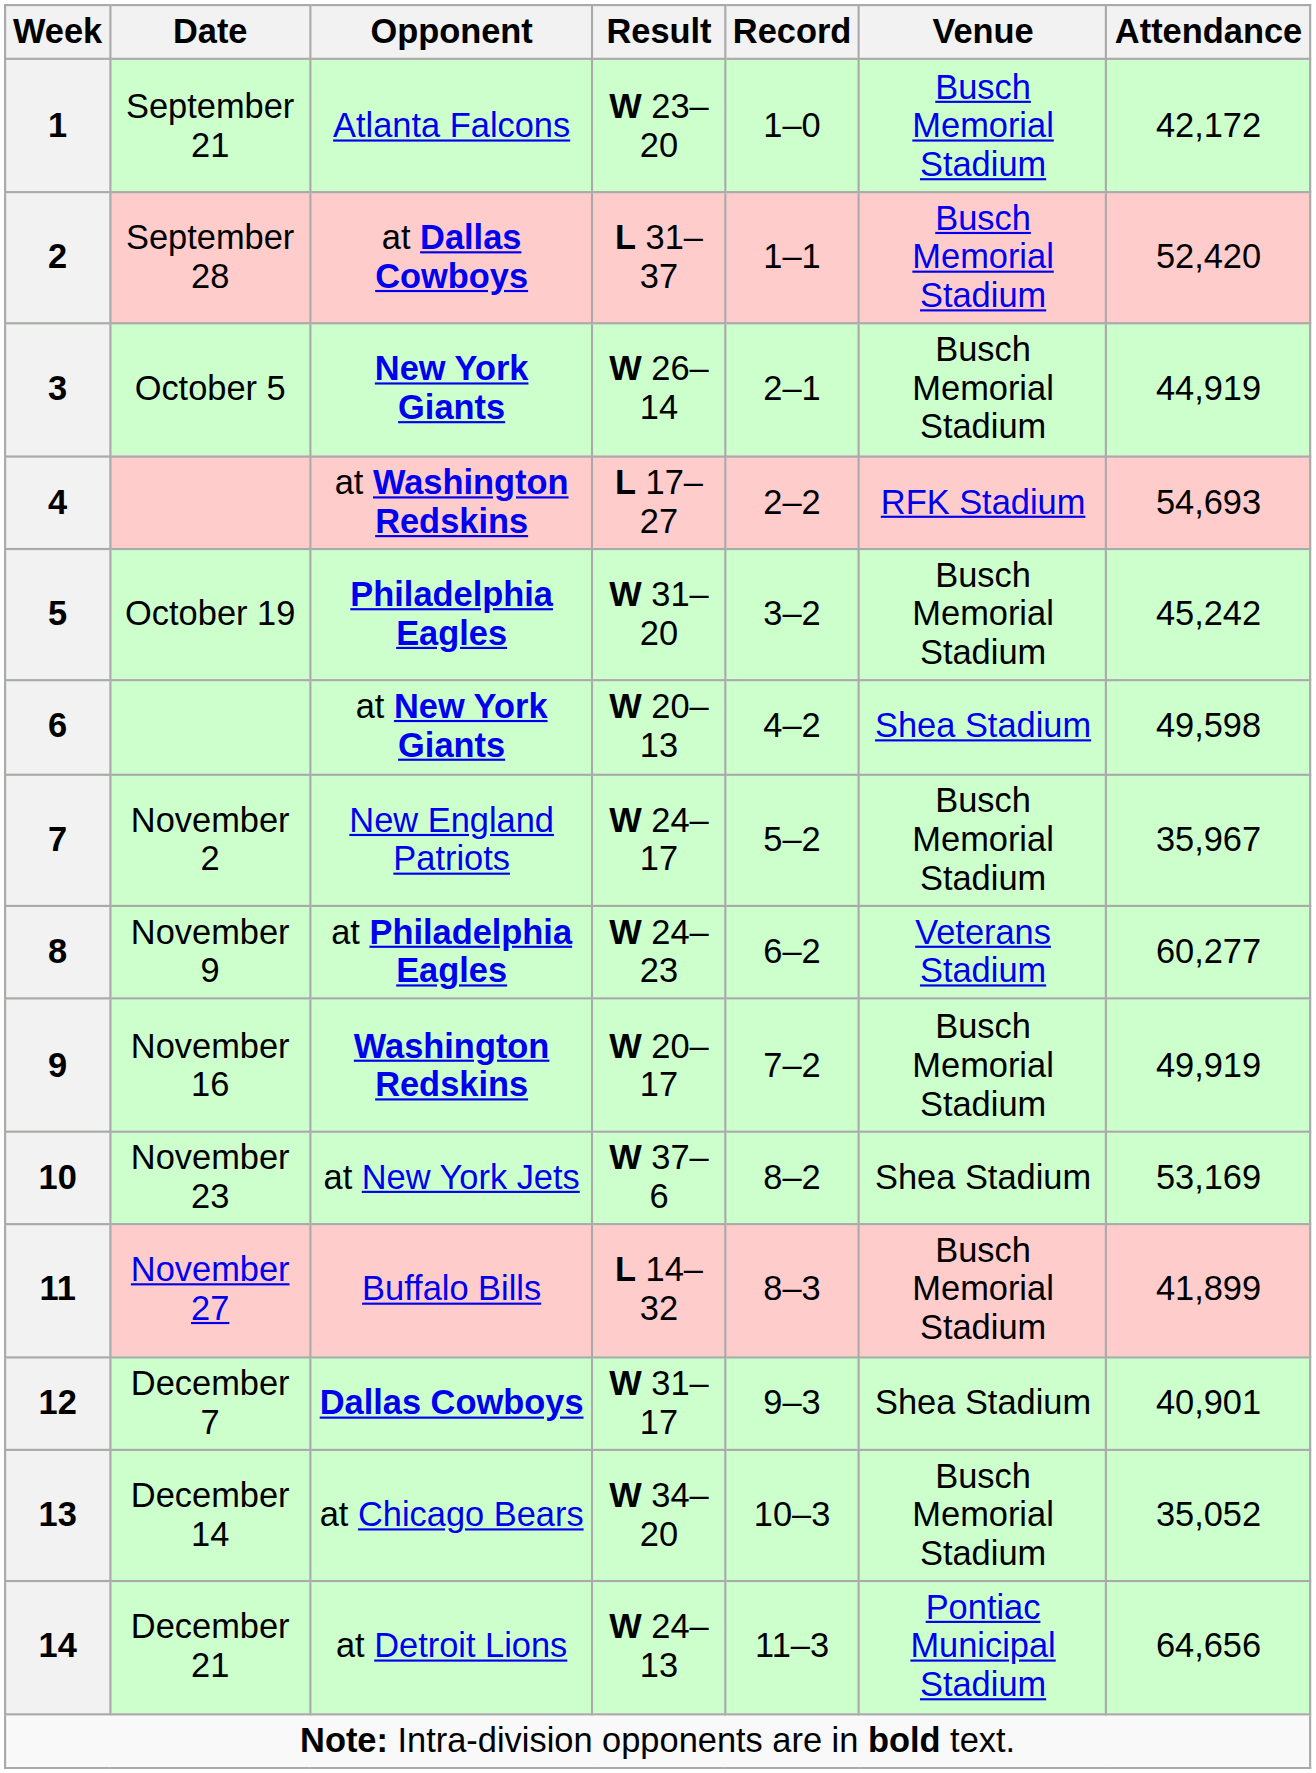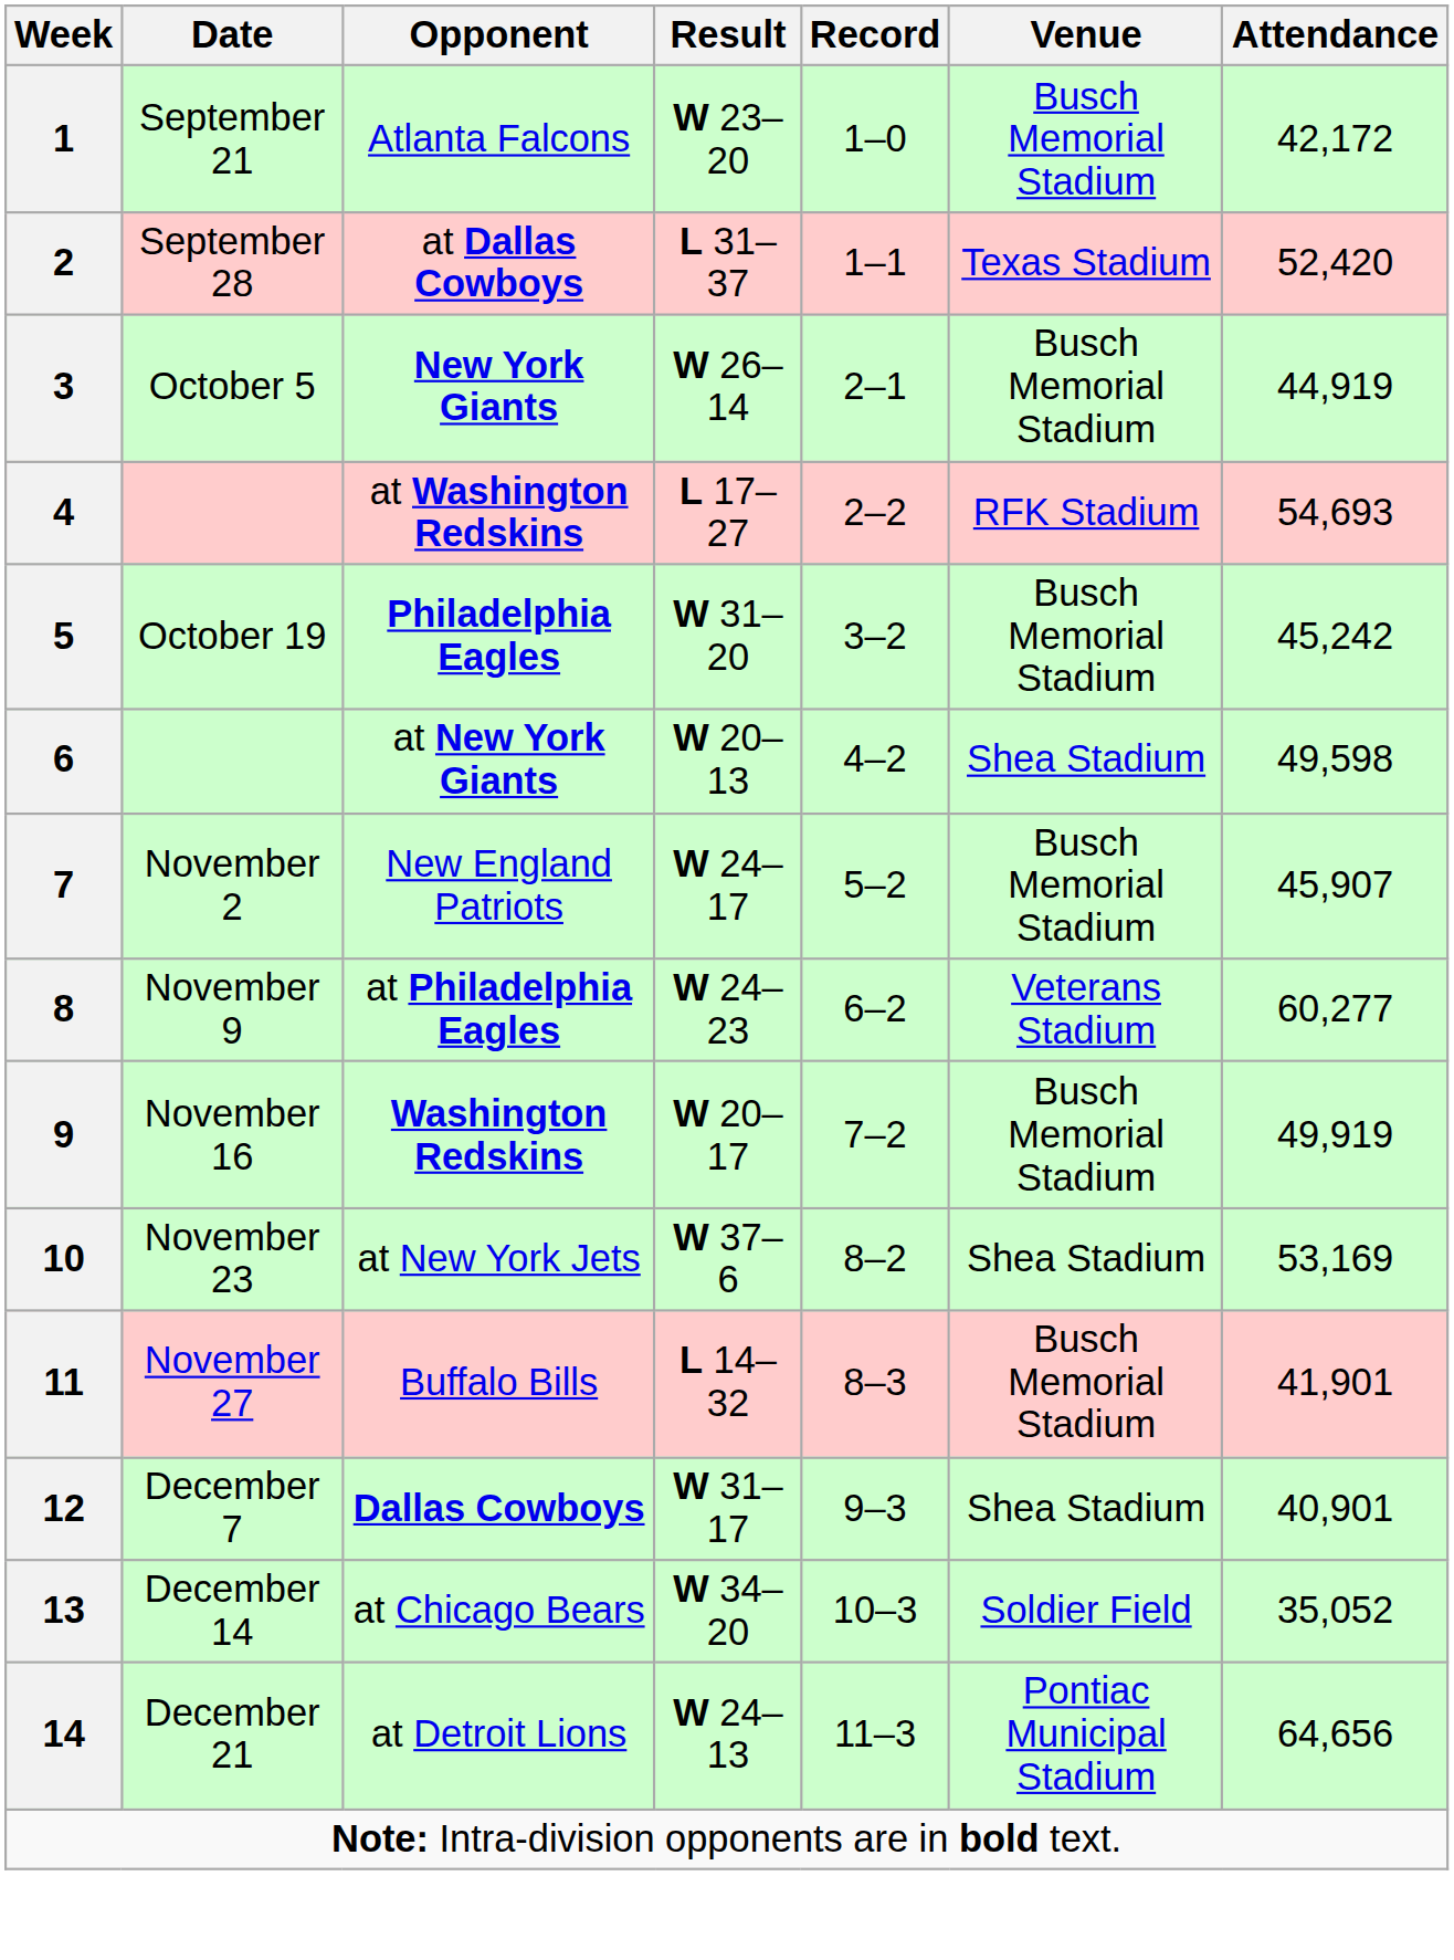 <table class="wikitable" style="text-align:center">
 <tr>
 <th>Week</th>
 <th>Date</th>
 <th>Opponent</th>
 <th>Result</th>
 <th>Record</th>
 <th>Venue</th>
 <th>Attendance</th>
 </tr>
 <tr style="background:#cfc">
 <th>1</th>
 <td>September 21</td>
 <td><a href='#'>Atlanta Falcons</a></td>
 <td><strong>W</strong> 23–20</td>
 <td>1–0</td>
 <td><a href='#'>Busch Memorial Stadium</a></td>
 <td>42,172</td>
 </tr>
 <tr style="background:#fcc">
 <th>2</th>
 <td>September 28</td>
 <td>at <strong><a href='#'>Dallas Cowboys</a></strong></td>
 <td><strong>L</strong> 31–37 </td>
 <td>1–1</td>
-<td><a href='#'>Busch Memorial Stadium</a></td>
+<td><a href='#'>Texas Stadium</a></td>
 <td>52,420</td>
 </tr>
 <tr style="background:#cfc">
 <th>3</th>
 <td>October 5</td>
 <td><strong><a href='#'>New York Giants</a></strong></td>
 <td><strong>W</strong> 26–14</td>
 <td>2–1</td>
 <td>Busch Memorial Stadium</td>
 <td>44,919</td>
 </tr>
 <tr style="background:#fcc">
 <th>4</th>
 <td></td>
 <td>at <strong><a href='#'>Washington Redskins</a></strong></td>
 <td><strong>L</strong> 17–27</td>
 <td>2–2</td>
 <td><a href='#'>RFK Stadium</a></td>
 <td>54,693</td>
 </tr>
 <tr style="background:#cfc">
 <th>5</th>
 <td>October 19</td>
 <td><strong><a href='#'>Philadelphia Eagles</a></strong></td>
 <td><strong>W</strong> 31–20</td>
 <td>3–2</td>
 <td>Busch Memorial Stadium</td>
 <td>45,242</td>
 </tr>
 <tr style="background:#cfc">
 <th>6</th>
 <td></td>
 <td>at <strong><a href='#'>New York Giants</a></strong></td>
 <td><strong>W</strong> 20–13</td>
 <td>4–2</td>
 <td><a href='#'>Shea Stadium</a></td>
 <td>49,598</td>
 </tr>
 <tr style="background:#cfc">
 <th>7</th>
 <td>November 2</td>
 <td><a href='#'>New England Patriots</a></td>
 <td><strong>W</strong> 24–17</td>
 <td>5–2</td>
 <td>Busch Memorial Stadium</td>
-<td>35,967</td>
+<td>45,907</td>
 </tr>
 <tr style="background:#cfc">
 <th>8</th>
 <td>November 9</td>
 <td>at <strong><a href='#'>Philadelphia Eagles</a></strong></td>
 <td><strong>W</strong> 24–23</td>
 <td>6–2</td>
 <td><a href='#'>Veterans Stadium</a></td>
 <td>60,277</td>
 </tr>
 <tr style="background:#cfc">
 <th>9</th>
 <td>November 16</td>
 <td><strong><a href='#'>Washington Redskins</a></strong></td>
 <td><strong>W</strong> 20–17 </td>
 <td>7–2</td>
 <td>Busch Memorial Stadium</td>
 <td>49,919</td>
 </tr>
 <tr style="background:#cfc">
 <th>10</th>
 <td>November 23</td>
 <td>at <a href='#'>New York Jets</a></td>
 <td><strong>W</strong> 37–6</td>
 <td>8–2</td>
 <td>Shea Stadium</td>
 <td>53,169</td>
 </tr>
 <tr style="background:#fcc">
 <th>11</th>
 <td><a href='#'>November 27</a></td>
 <td><a href='#'>Buffalo Bills</a></td>
 <td><strong>L</strong> 14–32</td>
 <td>8–3</td>
 <td>Busch Memorial Stadium</td>
-<td>41,899</td>
+<td>41,901</td>
 </tr>
 <tr style="background:#cfc">
 <th>12</th>
 <td>December 7</td>
 <td><strong><a href='#'>Dallas Cowboys</a></strong></td>
 <td><strong>W</strong> 31–17</td>
 <td>9–3</td>
 <td>Shea Stadium</td>
 <td>40,901</td>
 </tr>
 <tr style="background:#cfc">
 <th>13</th>
 <td>December 14</td>
 <td>at <a href='#'>Chicago Bears</a></td>
 <td><strong>W</strong> 34–20</td>
 <td>10–3</td>
-<td>Busch Memorial Stadium</td>
+<td><a href='#'>Soldier Field</a></td>
 <td>35,052</td>
 </tr>
 <tr style="background:#cfc">
 <th>14</th>
 <td>December 21</td>
 <td>at <a href='#'>Detroit Lions</a></td>
 <td><strong>W</strong> 24–13</td>
 <td>11–3</td>
 <td><a href='#'>Pontiac Municipal Stadium</a></td>
 <td>64,656</td>
 </tr>
 <tr>
 <td colspan="8"><strong>Note:</strong> Intra-division opponents are in <strong>bold</strong> text.</td>
 </tr>
 </table>
